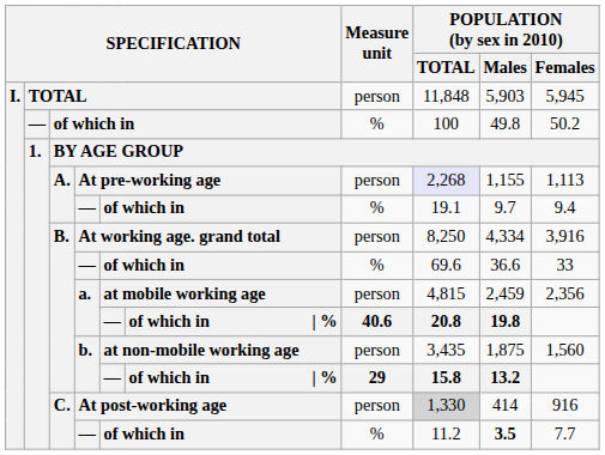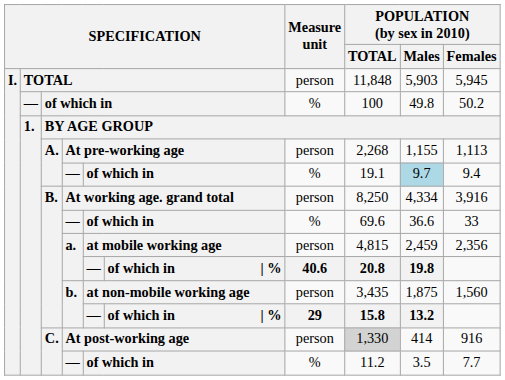 <table class="wikitable" style="font-size:85%; text-align:center">
 <tr>
 <th rowspan="2" colspan="6">SPECIFICATION</th>
 <th rowspan="2">Measure<br> unit</th>
 <th colspan="3" rowspan="1">POPULATION<br> (by sex in 2010)</th>
 </tr>
 <tr>
 <th>TOTAL</th>
 <th>Males</th>
 <th>Females</th>
 </tr>
 <tr>
 <th style="text-align:left" valign="top" rowspan="13">I.</th>
 <th style="text-align:left" colspan="5">TOTAL</th>
 <td>person</td>
 <td>11,848</td>
 <td>5,903</td>
 <td>5,945</td>
 </tr>
 <tr>
 <th style="text-align:left" valign="top">—</th>
 <th style="text-align:left" colspan="4">of which in</th>
 <td>%</td>
 <td>100</td>
 <td>49.8</td>
 <td>50.2</td>
 </tr>
 <tr>
 <th style="text-align:left" valign="top" rowspan="11">1.</th>
 <th style="text-align:left" colspan="19">BY AGE GROUP</th>
 </tr>
 <tr>
 <th style="text-align:left" valign="top" rowspan="2">A.</th>
 <th style="text-align:left" colspan="3">At pre-working age</th>
 <td>person</td>
-<td style="background: lavender;">2,268</td>
+<td>2,268</td>
 <td>1,155</td>
 <td>1,113</td>
 </tr>
 <tr>
 <th style="text-align:left" valign="top">—</th>
 <th style="text-align:left" valign="top" colspan="2">of which in</th>
 <td>%</td>
 <td>19.1</td>
-<td>9.7</td>
+<td style="background: lightblue;">9.7</td>
 <td>9.4</td>
 </tr>
 <tr>
 <th style="text-align:left" valign="top" rowspan="6">B.</th>
 <th style="text-align:left" colspan="3">At working age. grand total</th>
 <td>person</td>
 <td>8,250</td>
 <td>4,334</td>
 <td>3,916</td>
 </tr>
 <tr>
 <th style="text-align:left" valign="top">—</th>
 <th style="text-align:left" valign="top" colspan="2">of which in</th>
 <td>%</td>
 <td>69.6</td>
 <td>36.6</td>
 <td>33</td>
 </tr>
 <tr>
 <th style="text-align:left" valign="top" rowspan="2">a.</th>
 <th style="text-align:left" colspan="2">at mobile working age</th>
 <td>person</td>
 <td>4,815</td>
 <td>2,459</td>
 <td>2,356</td>
 </tr>
 <tr>
 <th style="text-align:left" valign="top">—</th>
 <th style="text-align:left" valign="top" colspan="1">of which in                        | %</th>
 <th>40.6</th>
 <th>20.8</th>
 <th>19.8</th>
 </tr>
 <tr>
 <th style="text-align:left" valign="top" rowspan="2">b.</th>
 <th style="text-align:left" colspan="2">at non-mobile working age</th>
 <td>person</td>
 <td>3,435</td>
 <td>1,875</td>
 <td>1,560</td>
 </tr>
 <tr>
 <th style="text-align:left" valign="top">—</th>
 <th style="text-align:left" valign="top" colspan="1">of which in                        | %</th>
 <th>29</th>
 <th>15.8</th>
 <th>13.2</th>
 </tr>
 <tr>
 <th style="text-align:left" valign="top" rowspan="2">C.</th>
 <th style="text-align:left" colspan="3">At post-working age</th>
 <td>person</td>
 <td style="background: lightgrey;">1,330</td>
 <td>414</td>
 <td>916</td>
 </tr>
 <tr>
 <th style="text-align:left" valign="top">—</th>
 <th style="text-align:left" valign="top" colspan="2">of which in</th>
 <td>%</td>
 <td>11.2</td>
-<td><strong>3.5</strong></td>
+<td>3.5</td>
 <td>7.7</td>
 </tr>
 </table>
